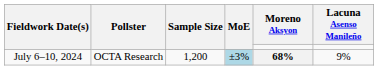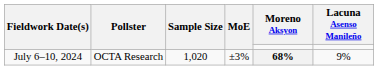 <table class="wikitable" style="text-align:center;font-size:90%;line-height:15px">
 <tr>
 <th rowspan="2">Fieldwork Date(s)</th>
 <th rowspan="2">Pollster</th>
 <th rowspan="2">Sample Size</th>
 <th rowspan="2">MoE</th>
 <th style="width:75px;">Moreno<br><small><a href='#'>Aksyon</a></small></th>
 <th style="width:75px;">Lacuna<br><small><a href='#'>Asenso Manileño</a></small></th>
 </tr>
 <tr>
 <td style="background:"></td>
 <td style="background:"></td>
 </tr>
 <tr>
 <td>July 6–10, 2024</td>
 <td>OCTA Research</td>
-<td>1,200</td>
-<td style="background: lightblue;">±3%</td>
+<td>1,020</td>
+<td>±3%</td>
 <th style="background-color:#">68%</th>
 <td>9%</td>
 </tr>
 </table>
